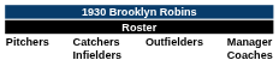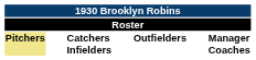 <table class="toccolours" style="font-size: 95%;">
 <tr>
 <th colspan="10" style="background-color: #083c6b; color: white; text-align: center;">1930 Brooklyn Robins</th>
 </tr>
 <tr>
 <td colspan="10" style="background-color: black; color: white; text-align: center;"><strong>Roster</strong></td>
 </tr>
 <tr>
-<td valign="top"><strong>Pitchers</strong><br>            </td>
+<td valign="top" style="background: khaki;"><strong>Pitchers</strong><br>            </td>
 <td width="25px"></td>
 <td valign="top"><strong>Catchers</strong><br>   <strong>Infielders</strong>        </td>
 <td width="25px"></td>
 <td valign="top"><strong>Outfielders</strong><br>     </td>
 <td width="25px"></td>
 <td valign="top"><strong>Manager</strong><br> <strong>Coaches</strong>  </td>
 </tr>
 </table>
